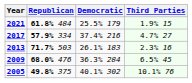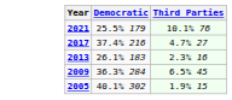 <table class="wikitable" style="float:right; font-size:95%;">
 <tr bgcolor=lightgrey>
 <th>Year</th>
-<th><a href='#'>Republican</a></th>
 <th><a href='#'>Democratic</a></th>
 <th><a href='#'>Third Parties</a></th>
 </tr>
 <tr>
 <td style="text-align:center; "><strong><a href='#'>2021</a></strong></td>
-<td style="text-align:center; "><strong>61.8%</strong> <em>484</em></td>
 <td style="text-align:center; ">25.5%  <em>179</em></td>
-<td style="text-align:center; background:honeyDew;">1.9% <em>15</em></td>
+<td style="text-align:center; background:honeyDew;">10.1% <em>76</em></td>
 </tr>
 <tr>
 <td style="text-align:center; "><strong><a href='#'>2017</a></strong></td>
-<td style="text-align:center; "><strong>57.9%</strong> <em>334</em></td>
 <td style="text-align:center; ">37.4%  <em>216</em></td>
 <td style="text-align:center; background:honeyDew;">4.7% <em>27</em></td>
 </tr>
 <tr>
 <td style="text-align:center; "><strong><a href='#'>2013</a></strong></td>
-<td style="text-align:center; "><strong>71.7%</strong> <em>503</em></td>
 <td style="text-align:center; ">26.1%  <em>183</em></td>
 <td style="text-align:center; background:honeyDew;">2.3% <em>16</em></td>
 </tr>
 <tr>
 <td style="text-align:center; "><strong><a href='#'>2009</a></strong></td>
-<td style="text-align:center; "><strong>68.0%</strong> <em>476</em></td>
 <td style="text-align:center; ">36.3%  <em>284</em></td>
 <td style="text-align:center; background:honeyDew;">6.5% <em>45</em></td>
 </tr>
 <tr>
 <td style="text-align:center; "><strong><a href='#'>2005</a></strong></td>
-<td style="text-align:center; "><strong>49.8%</strong> <em>375</em></td>
 <td style="text-align:center; ">40.1%  <em>302</em></td>
-<td style="text-align:center; background:honeyDew;">10.1% <em>76</em></td>
+<td style="text-align:center; background:honeyDew;">1.9% <em>15</em></td>
 </tr>
 </table>
